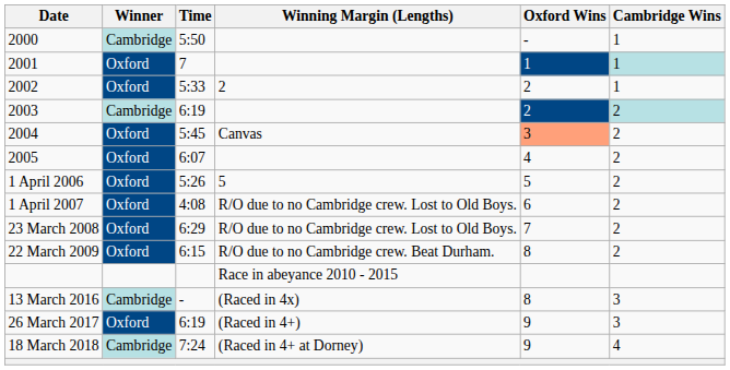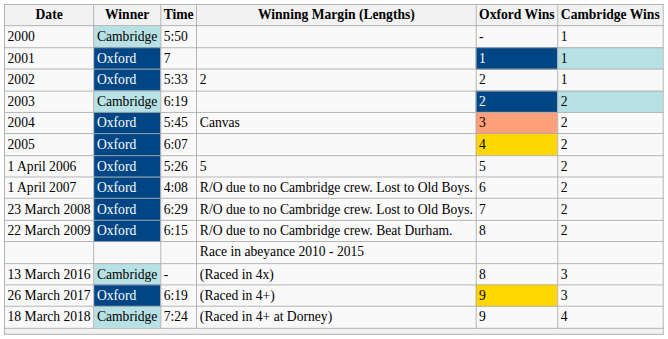 <table class="wikitable collapsible collapsed" style="border-collapse: collapse;">
 <tr>
 <th>Date</th>
 <th>Winner</th>
 <th>Time</th>
 <th>Winning Margin (Lengths)</th>
 <th>Oxford Wins</th>
 <th>Cambridge Wins</th>
 </tr>
 <tr>
 <td>2000</td>
 <td style="background:#B7E1E4; color:#000;">Cambridge</td>
 <td>5:50</td>
 <td></td>
 <td>-</td>
 <td>1</td>
 </tr>
 <tr>
 <td>2001</td>
 <td style="background:#004685; color:#FFF;">Oxford</td>
 <td>7</td>
 <td></td>
 <td style="background:#004685; color:#FFF;">1</td>
 <td style="background:#B7E1E4; color:#000;">1</td>
 </tr>
 <tr>
 <td>2002</td>
 <td style="background:#004685; color:#FFF;">Oxford</td>
 <td>5:33</td>
 <td>2</td>
 <td>2</td>
 <td>1</td>
 </tr>
 <tr>
 <td>2003</td>
 <td style="background:#B7E1E4; color:#000;">Cambridge</td>
 <td>6:19</td>
 <td></td>
 <td style="background:#004685; color:#FFF;">2</td>
 <td style="background:#B7E1E4; color:#000;">2</td>
 </tr>
 <tr>
 <td>2004</td>
 <td style="background:#004685; color:#FFF;">Oxford</td>
 <td>5:45</td>
 <td>Canvas</td>
 <td style="background: lightsalmon;">3</td>
 <td>2</td>
 </tr>
 <tr>
 <td>2005</td>
 <td style="background:#004685; color:#FFF;">Oxford</td>
 <td>6:07</td>
 <td></td>
-<td>4</td>
+<td style="background: gold;">4</td>
 <td>2</td>
 </tr>
 <tr>
 <td>1 April 2006</td>
 <td style="background:#004685; color:#FFF;">Oxford</td>
 <td>5:26</td>
 <td>5</td>
 <td>5</td>
 <td>2</td>
 </tr>
 <tr>
 <td>1 April 2007</td>
 <td style="background:#004685; color:#FFF;">Oxford</td>
 <td>4:08</td>
 <td>R/O due to no Cambridge crew. Lost to Old Boys.</td>
 <td>6</td>
 <td>2</td>
 </tr>
 <tr>
 <td>23 March 2008</td>
 <td style="background:#004685; color:#FFF;">Oxford</td>
 <td>6:29</td>
 <td>R/O due to no Cambridge crew. Lost to Old Boys.</td>
 <td>7</td>
 <td>2</td>
 </tr>
 <tr>
 <td>22 March 2009</td>
 <td style="background:#004685; color:#FFF;">Oxford</td>
 <td>6:15</td>
 <td>R/O due to no Cambridge crew. Beat Durham.</td>
 <td>8</td>
 <td>2</td>
 </tr>
 <tr>
 <td></td>
 <td></td>
 <td></td>
 <td>Race in abeyance 2010 - 2015</td>
 <td></td>
 <td></td>
 </tr>
 <tr>
 <td>13 March 2016</td>
 <td style="background:#B7E1E4; color:#000;">Cambridge</td>
 <td>-</td>
 <td> (Raced in 4x)</td>
 <td>8</td>
 <td>3</td>
 </tr>
 <tr>
 <td>26 March 2017</td>
 <td style="background:#004685; color:#FFF;">Oxford</td>
 <td>6:19</td>
 <td> (Raced in 4+)</td>
-<td>9</td>
+<td style="background: gold;">9</td>
 <td>3</td>
 </tr>
 <tr>
 <td>18 March 2018</td>
 <td style="background:#B7E1E4; color:#000;">Cambridge</td>
 <td>7:24</td>
 <td> (Raced in 4+ at Dorney)</td>
 <td>9</td>
 <td>4</td>
 </tr>
 <tr>
 <th class=noprint colspan=6 style="font-weight:normal"></th>
 </tr>
 </table>
